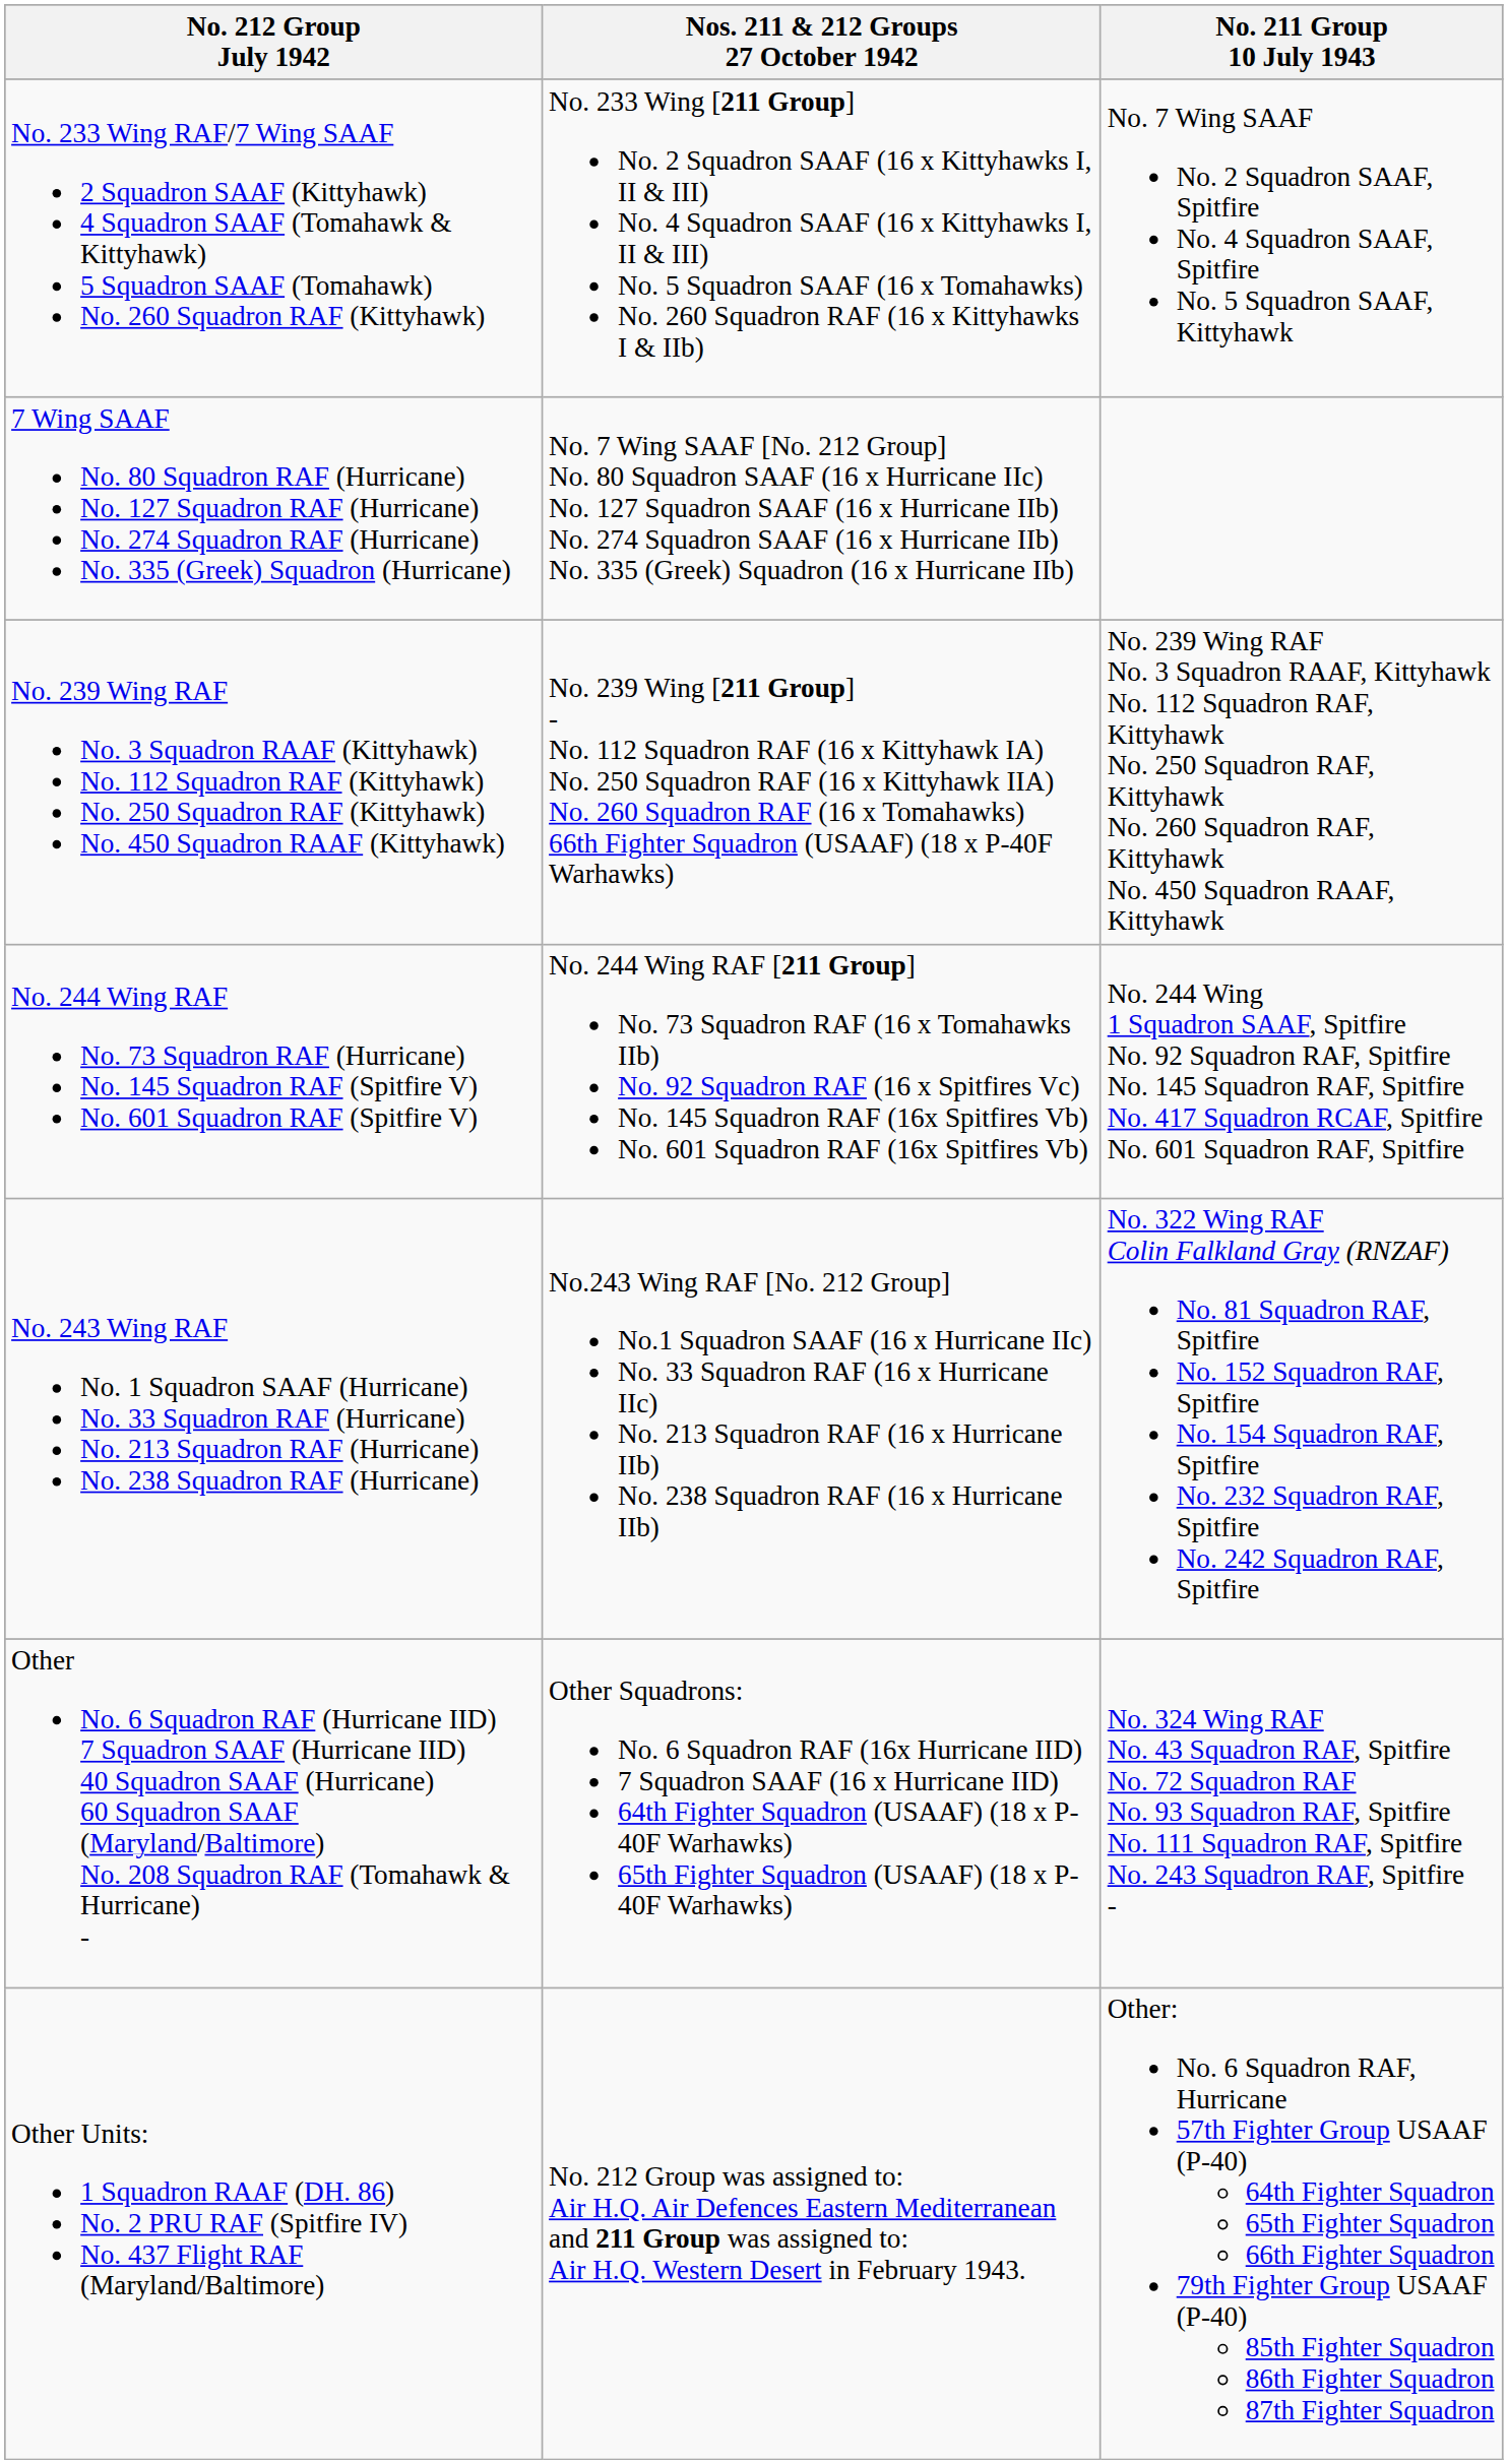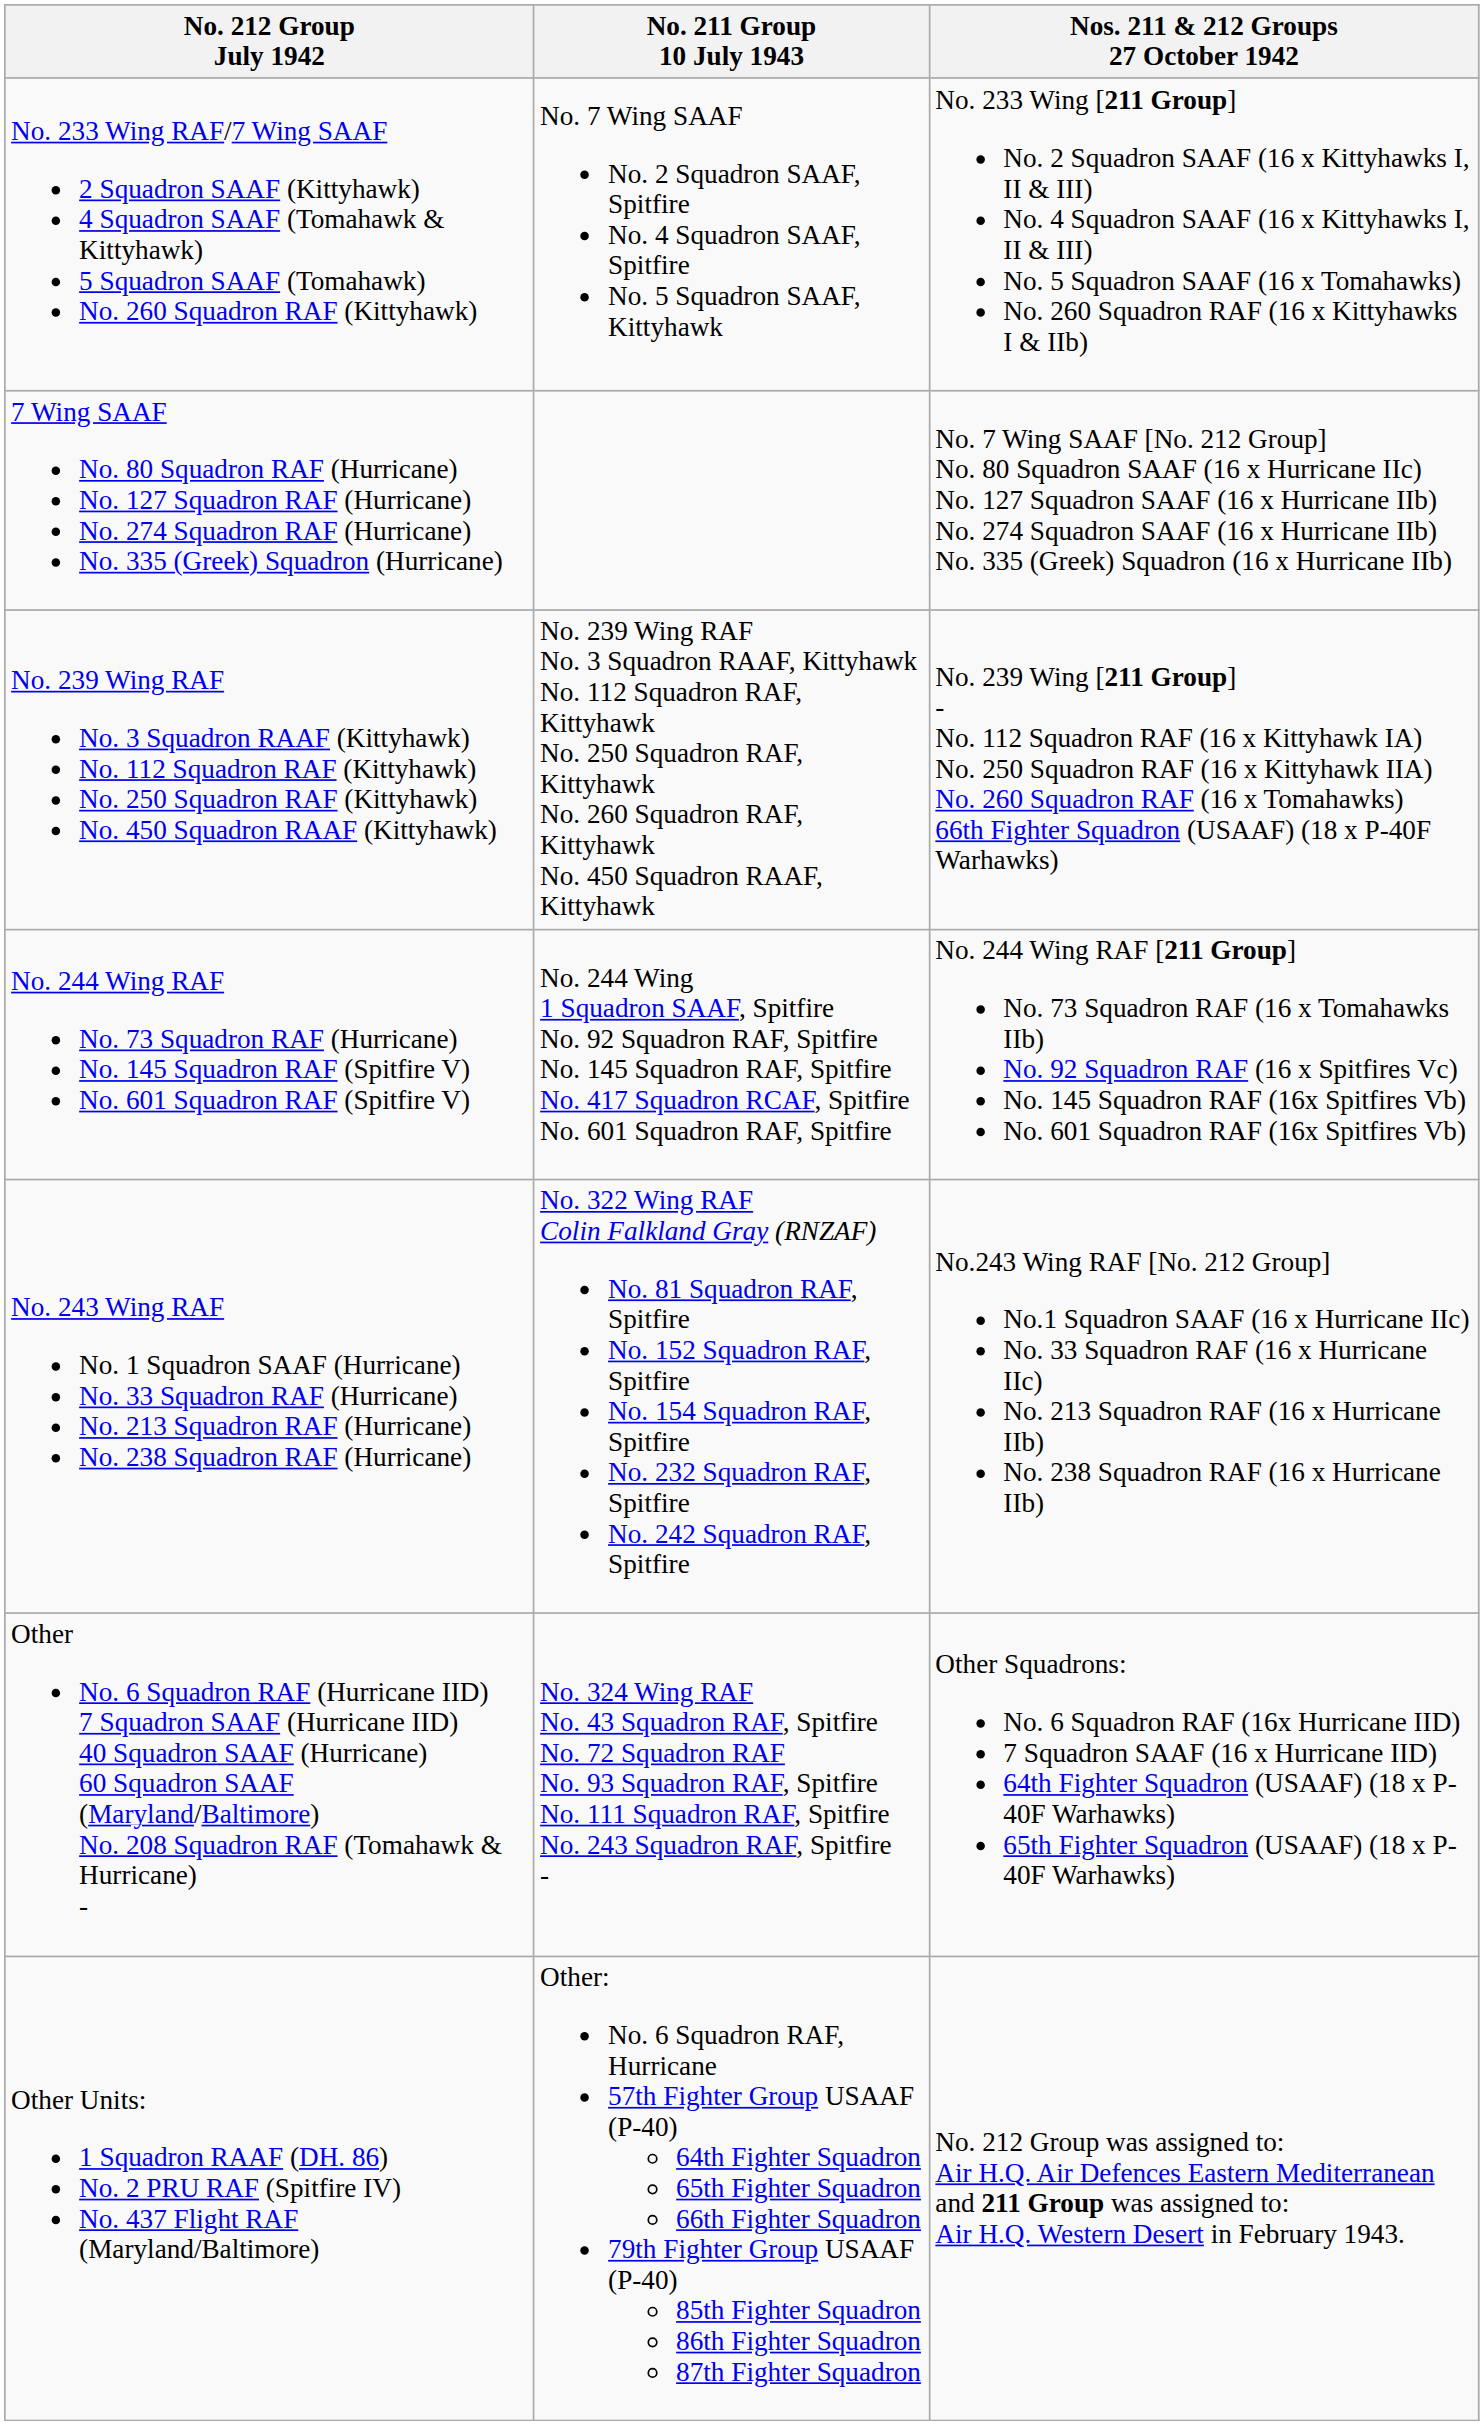 <table class="wikitable">
 <tr>
 <th>No. 212 Group<br>July 1942</th>
+<th>No. 211 Group<br>10 July 1943</th>
 <th>Nos. 211 & 212 Groups<br>27 October 1942</th>
-<th>No. 211 Group<br>10 July 1943</th>
 </tr>
 <tr>
 <td><a href='#'>No. 233 Wing RAF</a>/<a href='#'>7 Wing SAAF</a><br><ul><li><a href='#'>2 Squadron SAAF</a> (Kittyhawk)</li><li><a href='#'>4 Squadron SAAF</a> (Tomahawk & Kittyhawk)</li><li><a href='#'>5 Squadron SAAF</a> (Tomahawk)</li><li><a href='#'>No. 260 Squadron RAF</a> (Kittyhawk)</li></ul></td>
+<td>No. 7 Wing SAAF<br><ul><li>No. 2 Squadron SAAF, Spitfire</li><li>No. 4 Squadron SAAF, Spitfire</li><li>No. 5 Squadron SAAF, Kittyhawk</li></ul></td>
 <td>No. 233 Wing [<strong>211 Group</strong>]<br><ul><li>No. 2 Squadron SAAF (16 x Kittyhawks I, II & III)</li><li>No. 4 Squadron SAAF (16 x Kittyhawks I, II & III)</li><li>No. 5 Squadron SAAF (16 x Tomahawks)</li><li>No. 260 Squadron RAF (16 x Kittyhawks I & IIb)</li></ul></td>
-<td>No. 7 Wing SAAF<br><ul><li>No. 2 Squadron SAAF, Spitfire</li><li>No. 4 Squadron SAAF, Spitfire</li><li>No. 5 Squadron SAAF, Kittyhawk</li></ul></td>
 </tr>
 <tr>
 <td><a href='#'>7 Wing SAAF</a><br><ul><li><a href='#'>No. 80 Squadron RAF</a> (Hurricane)</li><li><a href='#'>No. 127 Squadron RAF</a> (Hurricane)</li><li><a href='#'>No. 274 Squadron RAF</a> (Hurricane)</li><li><a href='#'>No. 335 (Greek) Squadron</a> (Hurricane)</li></ul></td>
+<td></td>
 <td>No. 7 Wing SAAF [No. 212 Group]<br>No. 80 Squadron SAAF (16 x Hurricane IIc)<br>No. 127 Squadron SAAF (16 x Hurricane IIb)<br>No. 274 Squadron SAAF (16 x Hurricane IIb)<br>No. 335 (Greek) Squadron (16 x Hurricane IIb)</td>
-<td></td>
 </tr>
 <tr>
 <td><a href='#'>No. 239 Wing RAF</a><br><ul><li><a href='#'>No. 3 Squadron RAAF</a> (Kittyhawk)</li><li><a href='#'>No. 112 Squadron RAF</a> (Kittyhawk)</li><li><a href='#'>No. 250 Squadron RAF</a> (Kittyhawk)</li><li><a href='#'>No. 450 Squadron RAAF</a> (Kittyhawk)</li></ul></td>
+<td>No. 239 Wing RAF<br>No. 3 Squadron RAAF, Kittyhawk<br>No. 112 Squadron RAF, Kittyhawk<br>No. 250 Squadron RAF, Kittyhawk<br>No. 260 Squadron RAF, Kittyhawk<br>No. 450 Squadron RAAF, Kittyhawk</td>
 <td>No. 239 Wing [<strong>211 Group</strong>]<br>-<br>No. 112 Squadron RAF (16 x Kittyhawk IA)<br>No. 250 Squadron RAF (16 x Kittyhawk IIA)<br><a href='#'>No. 260 Squadron RAF</a> (16 x Tomahawks)<br><a href='#'>66th Fighter Squadron</a> (USAAF) (18 x P-40F Warhawks)</td>
-<td>No. 239 Wing RAF<br>No. 3 Squadron RAAF, Kittyhawk<br>No. 112 Squadron RAF, Kittyhawk<br>No. 250 Squadron RAF, Kittyhawk<br>No. 260 Squadron RAF, Kittyhawk<br>No. 450 Squadron RAAF, Kittyhawk</td>
 </tr>
 <tr>
 <td><a href='#'>No. 244 Wing RAF</a><br><ul><li><a href='#'>No. 73 Squadron RAF</a> (Hurricane)</li><li><a href='#'>No. 145 Squadron RAF</a> (Spitfire V)</li><li><a href='#'>No. 601 Squadron RAF</a> (Spitfire V)</li></ul></td>
+<td>No. 244 Wing<br><a href='#'>1 Squadron SAAF</a>, Spitfire<br>No. 92 Squadron RAF, Spitfire<br>No. 145 Squadron RAF, Spitfire<br><a href='#'>No. 417 Squadron RCAF</a>, Spitfire<br>No. 601 Squadron RAF, Spitfire</td>
 <td>No. 244 Wing RAF [<strong>211 Group</strong>]<br><ul><li>No. 73 Squadron RAF (16 x Tomahawks IIb)</li><li><a href='#'>No. 92 Squadron RAF</a> (16 x Spitfires Vc)</li><li>No. 145 Squadron RAF (16x Spitfires Vb)</li><li>No. 601 Squadron RAF (16x Spitfires Vb)</li></ul></td>
-<td>No. 244 Wing<br><a href='#'>1 Squadron SAAF</a>, Spitfire<br>No. 92 Squadron RAF, Spitfire<br>No. 145 Squadron RAF, Spitfire<br><a href='#'>No. 417 Squadron RCAF</a>, Spitfire<br>No. 601 Squadron RAF, Spitfire</td>
 </tr>
 <tr>
 <td><a href='#'>No. 243 Wing RAF</a><br><ul><li>No. 1 Squadron SAAF (Hurricane)</li><li><a href='#'>No. 33 Squadron RAF</a> (Hurricane)</li><li><a href='#'>No. 213 Squadron RAF</a> (Hurricane)</li><li><a href='#'>No. 238 Squadron RAF</a> (Hurricane)</li></ul></td>
+<td><a href='#'>No. 322 Wing RAF</a><br><em><a href='#'>Colin Falkland Gray</a> (RNZAF)</em><br><ul><li><a href='#'>No. 81 Squadron RAF</a>, Spitfire</li><li><a href='#'>No. 152 Squadron RAF</a>, Spitfire</li><li><a href='#'>No. 154 Squadron RAF</a>, Spitfire</li><li><a href='#'>No. 232 Squadron RAF</a>, Spitfire</li><li><a href='#'>No. 242 Squadron RAF</a>, Spitfire</li></ul></td>
 <td>No.243 Wing RAF [No. 212 Group]<br><ul><li>No.1 Squadron SAAF (16 x Hurricane IIc)</li><li>No. 33 Squadron RAF (16 x Hurricane IIc)</li><li>No. 213 Squadron RAF (16 x Hurricane IIb)</li><li>No. 238 Squadron RAF (16 x Hurricane IIb)</li></ul></td>
-<td><a href='#'>No. 322 Wing RAF</a><br><em><a href='#'>Colin Falkland Gray</a> (RNZAF)</em><br><ul><li><a href='#'>No. 81 Squadron RAF</a>, Spitfire</li><li><a href='#'>No. 152 Squadron RAF</a>, Spitfire</li><li><a href='#'>No. 154 Squadron RAF</a>, Spitfire</li><li><a href='#'>No. 232 Squadron RAF</a>, Spitfire</li><li><a href='#'>No. 242 Squadron RAF</a>, Spitfire</li></ul></td>
 </tr>
 <tr>
 <td>Other<br><ul><li><a href='#'>No. 6 Squadron RAF</a> (Hurricane IID)<br><a href='#'>7 Squadron SAAF</a> (Hurricane IID)<br><a href='#'>40 Squadron SAAF</a> (Hurricane)<br><a href='#'>60 Squadron SAAF</a> (<a href='#'>Maryland</a>/<a href='#'>Baltimore</a>)<br><a href='#'>No. 208 Squadron RAF</a> (Tomahawk & Hurricane)<br>-</li></ul></td>
+<td><a href='#'>No. 324 Wing RAF</a><br><a href='#'>No. 43 Squadron RAF</a>, Spitfire<br><a href='#'>No. 72 Squadron RAF</a><br><a href='#'>No. 93 Squadron RAF</a>, Spitfire<br><a href='#'>No. 111 Squadron RAF</a>, Spitfire<br><a href='#'>No. 243 Squadron RAF</a>, Spitfire<br>-</td>
 <td>Other Squadrons:<br><ul><li>No. 6 Squadron RAF (16x Hurricane IID)</li><li>7 Squadron SAAF (16 x Hurricane IID)</li><li><a href='#'>64th Fighter Squadron</a> (USAAF) (18 x P-40F Warhawks)</li><li><a href='#'>65th Fighter Squadron</a> (USAAF) (18 x P-40F Warhawks)</li></ul></td>
-<td><a href='#'>No. 324 Wing RAF</a><br><a href='#'>No. 43 Squadron RAF</a>, Spitfire<br><a href='#'>No. 72 Squadron RAF</a><br><a href='#'>No. 93 Squadron RAF</a>, Spitfire<br><a href='#'>No. 111 Squadron RAF</a>, Spitfire<br><a href='#'>No. 243 Squadron RAF</a>, Spitfire<br>-</td>
 </tr>
 <tr>
 <td>Other Units:<br><ul><li><a href='#'>1 Squadron RAAF</a> (<a href='#'>DH. 86</a>)</li><li><a href='#'>No. 2 PRU RAF</a> (Spitfire IV)</li><li><a href='#'>No. 437 Flight RAF</a> (Maryland/Baltimore)</li></ul></td>
+<td>Other:<br><ul><li>No. 6 Squadron RAF, Hurricane</li><li><a href='#'>57th Fighter Group</a> USAAF (P-40)<ul><li><a href='#'>64th Fighter Squadron</a></li><li><a href='#'>65th Fighter Squadron</a></li><li><a href='#'>66th Fighter Squadron</a></li></ul></li><li><a href='#'>79th Fighter Group</a> USAAF (P-40)<ul><li><a href='#'>85th Fighter Squadron</a></li><li><a href='#'>86th Fighter Squadron</a></li><li><a href='#'>87th Fighter Squadron</a></li></ul></li></ul></td>
 <td No. 212 Group RAF>No.  212 Group was assigned to:<br><a href='#'>Air H.Q. Air Defences Eastern Mediterranean</a><br>and <strong>211 Group</strong> was assigned to:<br><a href='#'>Air H.Q. Western Desert</a> in February 1943.</td>
-<td>Other:<br><ul><li>No. 6 Squadron RAF, Hurricane</li><li><a href='#'>57th Fighter Group</a> USAAF (P-40)<ul><li><a href='#'>64th Fighter Squadron</a></li><li><a href='#'>65th Fighter Squadron</a></li><li><a href='#'>66th Fighter Squadron</a></li></ul></li><li><a href='#'>79th Fighter Group</a> USAAF (P-40)<ul><li><a href='#'>85th Fighter Squadron</a></li><li><a href='#'>86th Fighter Squadron</a></li><li><a href='#'>87th Fighter Squadron</a></li></ul></li></ul></td>
 </tr>
 </table>
